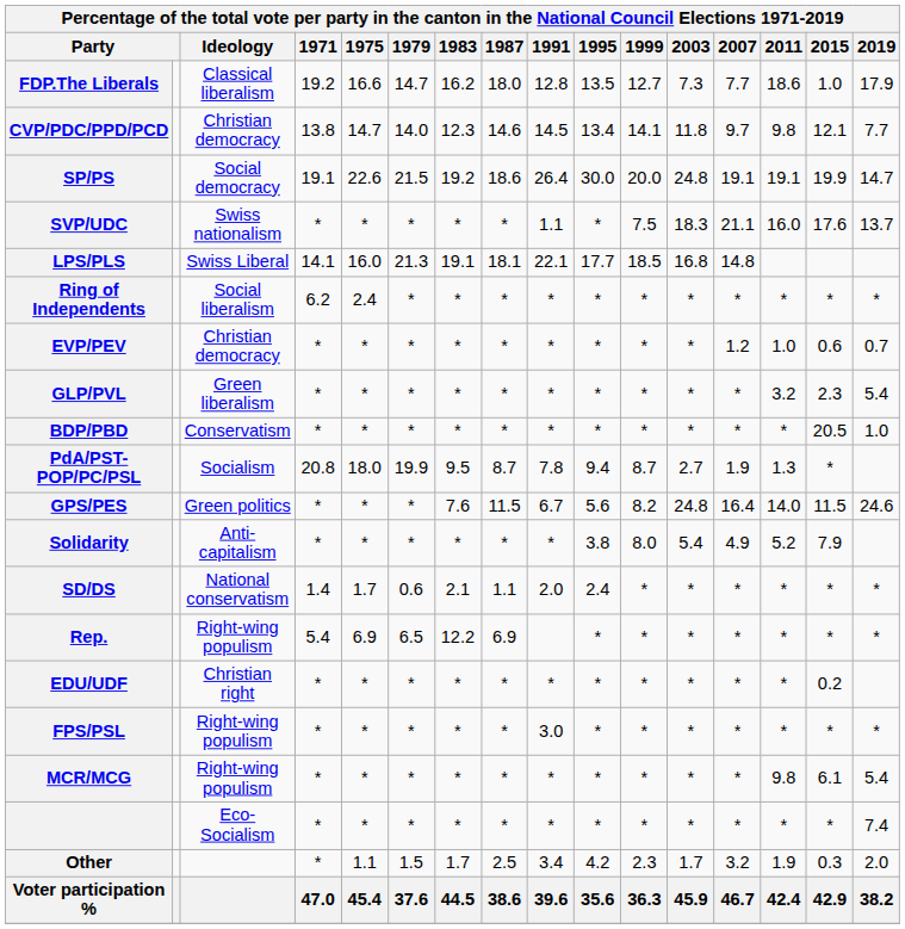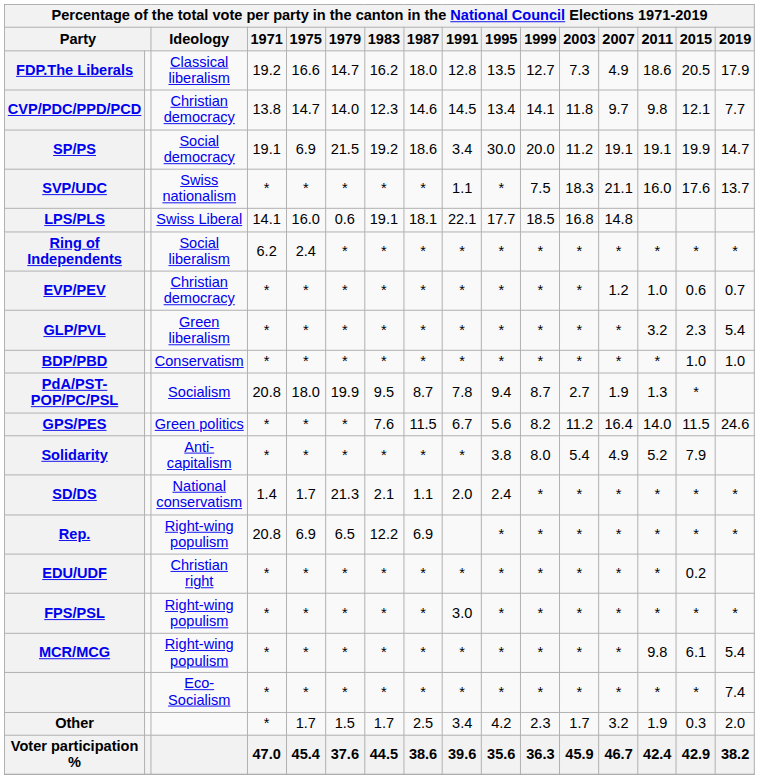 <table class="wikitable sortable" style ="text-align: center">
 <tr>
 <th colspan="17">Percentage of the total vote per party in the canton in the <a href='#'>National Council</a> Elections 1971-2019</th>
 </tr>
 <tr>
 <th colspan="2">Party</th>
 <th class="unsortable">Ideology</th>
 <th>1971</th>
 <th>1975</th>
 <th>1979</th>
 <th>1983</th>
 <th>1987</th>
 <th>1991</th>
 <th>1995</th>
 <th>1999</th>
 <th>2003</th>
 <th>2007</th>
 <th>2011</th>
 <th>2015</th>
 <th>2019</th>
 </tr>
 <tr>
 <th><a href='#'>FDP.The Liberals</a></th>
 <td style="color:inherit;background:"></td>
 <td><a href='#'>Classical liberalism</a></td>
 <td>19.2</td>
 <td>16.6</td>
 <td>14.7</td>
 <td>16.2</td>
 <td>18.0</td>
 <td>12.8</td>
 <td>13.5</td>
 <td>12.7</td>
 <td>7.3</td>
-<td>7.7</td>
+<td>4.9</td>
 <td>18.6</td>
-<td>1.0</td>
+<td>20.5</td>
 <td>17.9</td>
 </tr>
 <tr>
 <th><a href='#'>CVP/PDC/PPD/PCD</a></th>
 <td style="color:inherit;background:"></td>
 <td><a href='#'>Christian democracy</a></td>
 <td>13.8</td>
 <td>14.7</td>
 <td>14.0</td>
 <td>12.3</td>
 <td>14.6</td>
 <td>14.5</td>
 <td>13.4</td>
 <td>14.1</td>
 <td>11.8</td>
 <td>9.7</td>
 <td>9.8</td>
 <td>12.1</td>
 <td>7.7</td>
 </tr>
 <tr>
 <th><a href='#'>SP/PS</a></th>
 <td style="color:inherit;background:"></td>
 <td><a href='#'>Social democracy</a></td>
 <td>19.1</td>
-<td>22.6</td>
+<td>6.9</td>
 <td>21.5</td>
 <td>19.2</td>
 <td>18.6</td>
-<td>26.4</td>
+<td>3.4</td>
 <td>30.0</td>
 <td>20.0</td>
-<td>24.8</td>
+<td>11.2</td>
 <td>19.1</td>
 <td>19.1</td>
 <td>19.9</td>
 <td>14.7</td>
 </tr>
 <tr>
 <th><a href='#'>SVP/UDC</a></th>
 <td style="color:inherit;background:"></td>
 <td><a href='#'>Swiss nationalism</a></td>
 <td>* </td>
 <td>*</td>
 <td>*</td>
 <td>*</td>
 <td>*</td>
 <td>1.1</td>
 <td>*</td>
 <td>7.5</td>
 <td>18.3</td>
 <td>21.1</td>
 <td>16.0</td>
 <td>17.6</td>
 <td>13.7</td>
 </tr>
 <tr>
 <th><a href='#'>LPS/PLS</a></th>
 <td style="color:inherit;background:"></td>
 <td><a href='#'>Swiss Liberal</a></td>
 <td>14.1</td>
 <td>16.0</td>
-<td>21.3</td>
+<td>0.6</td>
 <td>19.1</td>
 <td>18.1</td>
 <td>22.1</td>
 <td>17.7</td>
 <td>18.5</td>
 <td>16.8</td>
 <td>14.8</td>
 <td></td>
 <td></td>
 <td></td>
 </tr>
 <tr>
 <th><a href='#'>Ring of Independents</a></th>
 <td></td>
 <td><a href='#'>Social liberalism</a></td>
 <td>6.2</td>
 <td>2.4</td>
 <td>*</td>
 <td>*</td>
 <td>*</td>
 <td>*</td>
 <td>*</td>
 <td>*</td>
 <td>*</td>
 <td>*</td>
 <td>*</td>
 <td>*</td>
 <td>*</td>
 </tr>
 <tr>
 <th><a href='#'>EVP/PEV</a></th>
 <td style="color:inherit;background:"></td>
 <td><a href='#'>Christian democracy</a></td>
 <td>*</td>
 <td>*</td>
 <td>*</td>
 <td>*</td>
 <td>*</td>
 <td>*</td>
 <td>*</td>
 <td>*</td>
 <td>*</td>
 <td>1.2</td>
 <td>1.0</td>
 <td>0.6</td>
 <td>0.7</td>
 </tr>
 <tr>
 <th><a href='#'>GLP/PVL</a></th>
 <td style="color:inherit;background:"></td>
 <td><a href='#'>Green liberalism</a></td>
 <td>*</td>
 <td>*</td>
 <td>*</td>
 <td>*</td>
 <td>*</td>
 <td>*</td>
 <td>*</td>
 <td>*</td>
 <td>*</td>
 <td>*</td>
 <td>3.2</td>
 <td>2.3</td>
 <td>5.4</td>
 </tr>
 <tr>
 <th><a href='#'>BDP/PBD</a></th>
 <td style="color:inherit;background:"></td>
 <td><a href='#'>Conservatism</a></td>
 <td>*</td>
 <td>*</td>
 <td>*</td>
 <td>*</td>
 <td>*</td>
 <td>*</td>
 <td>*</td>
 <td>*</td>
 <td>*</td>
 <td>*</td>
 <td>*</td>
-<td>20.5</td>
+<td>1.0</td>
 <td>1.0</td>
 </tr>
 <tr>
 <th><a href='#'>PdA/PST-POP/PC/PSL</a></th>
 <td style="color:inherit;background:"></td>
 <td><a href='#'>Socialism</a></td>
 <td>20.8</td>
 <td>18.0</td>
 <td>19.9</td>
 <td>9.5</td>
 <td>8.7</td>
 <td>7.8</td>
 <td>9.4</td>
 <td>8.7</td>
 <td>2.7</td>
 <td>1.9</td>
 <td>1.3</td>
 <td>*</td>
 <td></td>
 </tr>
 <tr>
 <th><a href='#'>GPS/PES</a></th>
 <td style="color:inherit;background:"></td>
 <td><a href='#'>Green politics</a></td>
 <td>*</td>
 <td>*</td>
 <td>*</td>
 <td>7.6</td>
 <td>11.5</td>
 <td>6.7</td>
 <td>5.6</td>
 <td>8.2</td>
-<td>24.8</td>
+<td>11.2</td>
 <td>16.4</td>
 <td>14.0</td>
 <td>11.5</td>
 <td>24.6</td>
 </tr>
 <tr>
 <th><a href='#'>Solidarity</a></th>
 <td style="color:inherit;background:"></td>
 <td><a href='#'>Anti-capitalism</a></td>
 <td>*</td>
 <td>*</td>
 <td>*</td>
 <td>*</td>
 <td>*</td>
 <td>*</td>
 <td>3.8</td>
 <td>8.0</td>
 <td>5.4</td>
 <td>4.9</td>
 <td>5.2</td>
 <td>7.9</td>
 <td></td>
 </tr>
 <tr>
 <th><a href='#'>SD/DS</a></th>
 <td style="color:inherit;background:"></td>
 <td><a href='#'>National conservatism</a></td>
 <td>1.4</td>
 <td>1.7</td>
-<td>0.6</td>
+<td>21.3</td>
 <td>2.1</td>
 <td>1.1</td>
 <td>2.0</td>
 <td>2.4</td>
 <td>*</td>
 <td>*</td>
 <td>*</td>
 <td>*</td>
 <td>*</td>
 <td>*</td>
 </tr>
 <tr>
 <th><a href='#'>Rep.</a></th>
 <td></td>
 <td><a href='#'>Right-wing populism</a></td>
-<td>5.4</td>
+<td>20.8</td>
 <td>6.9</td>
 <td>6.5</td>
 <td>12.2</td>
 <td>6.9</td>
 <td></td>
 <td>*</td>
 <td>*</td>
 <td>*</td>
 <td>*</td>
 <td>*</td>
 <td>*</td>
 <td>*</td>
 </tr>
 <tr>
 <th><a href='#'>EDU/UDF</a></th>
 <td style="color:inherit;background:"></td>
 <td><a href='#'>Christian right</a></td>
 <td>*</td>
 <td>*</td>
 <td>*</td>
 <td>*</td>
 <td>*</td>
 <td>*</td>
 <td>*</td>
 <td>*</td>
 <td>*</td>
 <td>*</td>
 <td>*</td>
 <td>0.2</td>
 <td></td>
 </tr>
 <tr>
 <th><a href='#'>FPS/PSL</a></th>
 <td style="color:inherit;background:"></td>
 <td><a href='#'>Right-wing populism</a></td>
 <td>*</td>
 <td>*</td>
 <td>*</td>
 <td>*</td>
 <td>*</td>
 <td>3.0</td>
 <td>*</td>
 <td>*</td>
 <td>*</td>
 <td>*</td>
 <td>*</td>
 <td>*</td>
 <td>*</td>
 </tr>
 <tr>
 <th><a href='#'>MCR/MCG</a></th>
 <td style="color:inherit;background:"></td>
 <td><a href='#'>Right-wing populism</a></td>
 <td>*</td>
 <td>*</td>
 <td>*</td>
 <td>*</td>
 <td>*</td>
 <td>*</td>
 <td>*</td>
 <td>*</td>
 <td>*</td>
 <td>*</td>
 <td>9.8</td>
 <td>6.1</td>
 <td>5.4</td>
 </tr>
 <tr>
 <th></th>
 <td style="color:inherit;background:"></td>
 <td><a href='#'>Eco-Socialism</a></td>
 <td>*</td>
 <td>*</td>
 <td>*</td>
 <td>*</td>
 <td>*</td>
 <td>*</td>
 <td>*</td>
 <td>*</td>
 <td>*</td>
 <td>*</td>
 <td>*</td>
 <td>*</td>
 <td>7.4</td>
 </tr>
 <tr>
 <th>Other</th>
 <td></td>
 <td></td>
 <td>*</td>
-<td>1.1</td>
+<td>1.7</td>
 <td>1.5</td>
 <td>1.7</td>
 <td>2.5</td>
 <td>3.4</td>
 <td>4.2</td>
 <td>2.3</td>
 <td>1.7</td>
 <td>3.2</td>
 <td>1.9</td>
 <td>0.3</td>
 <td>2.0</td>
 </tr>
 <tr>
 <th>Voter participation %</th>
 <th></th>
 <th></th>
 <th>47.0</th>
 <th>45.4</th>
 <th>37.6</th>
 <th>44.5</th>
 <th>38.6</th>
 <th>39.6</th>
 <th>35.6</th>
 <th>36.3</th>
 <th>45.9</th>
 <th>46.7</th>
 <th>42.4</th>
 <th>42.9</th>
 <th>38.2</th>
 </tr>
 <tr>
 </tr>
 </table>
